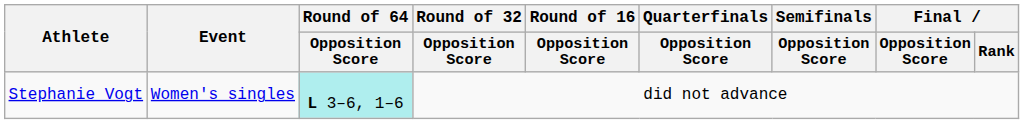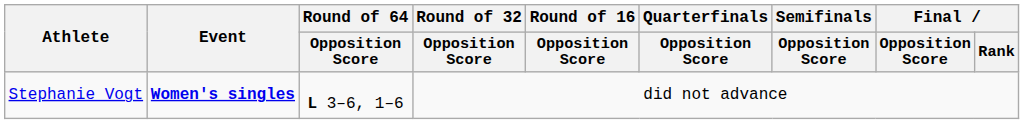 <table class=wikitable style="font-size:90%">
 <tr>
 <th rowspan="2">Athlete</th>
 <th rowspan="2">Event</th>
 <th>Round of 64</th>
 <th>Round of 32</th>
 <th>Round of 16</th>
 <th>Quarterfinals</th>
 <th>Semifinals</th>
 <th colspan=2>Final / </th>
 </tr>
 <tr style="font-size:95%">
 <th>Opposition<br>Score</th>
 <th>Opposition<br>Score</th>
 <th>Opposition<br>Score</th>
 <th>Opposition<br>Score</th>
 <th>Opposition<br>Score</th>
 <th>Opposition<br>Score</th>
 <th>Rank</th>
 </tr>
 <tr align=center>
 <td align=left><a href='#'>Stephanie Vogt</a></td>
-<td align=left><a href='#'>Women's singles</a></td>
-<td style="background: paleturquoise;"><br><strong>L</strong> 3–6, 1–6</td>
+<td align=left><strong><a href='#'>Women's singles</a></strong></td>
+<td><br><strong>L</strong> 3–6, 1–6</td>
 <td colspan="6">did not advance</td>
 </tr>
 </table>
